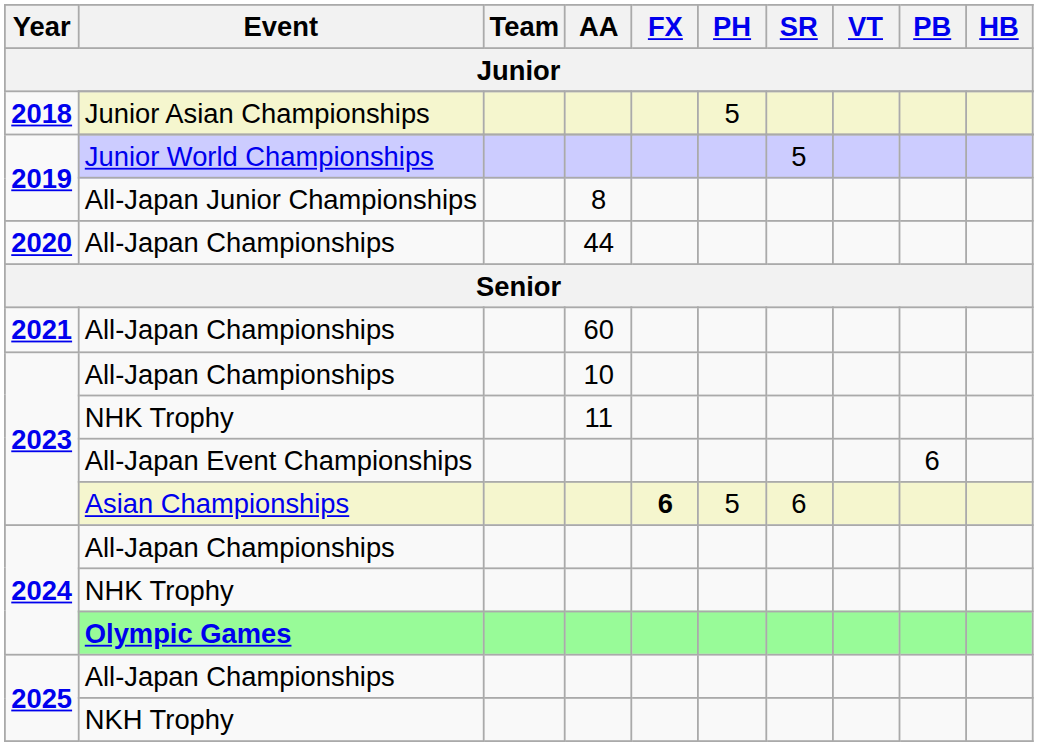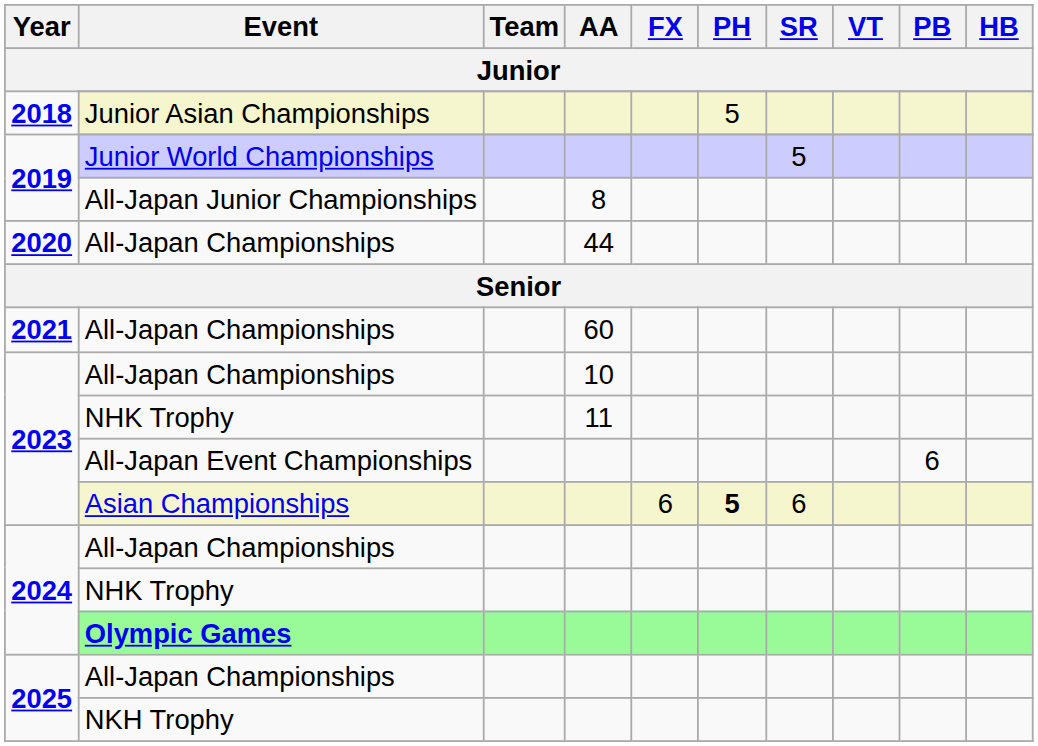 <table class="wikitable" style="text-align:center; font-size:95%;">
 <tr>
 <th align=center>Year</th>
 <th align=center>Event</th>
 <th style="width:30px;">Team</th>
 <th style="width:30px;">AA</th>
 <th style="width:30px;"><a href='#'>FX</a></th>
 <th style="width:30px;"><a href='#'>PH</a></th>
 <th style="width:30px;"><a href='#'>SR</a></th>
 <th style="width:30px;"><a href='#'>VT</a></th>
 <th style="width:30px;"><a href='#'>PB</a></th>
 <th style="width:30px;"><a href='#'>HB</a></th>
 </tr>
 <tr>
 <th colspan="10"><strong>Junior</strong></th>
 </tr>
 <tr>
 <td rowspan="2"><strong><a href='#'>2018</a></strong></td>
 </tr>
 <tr bgcolor=#F5F6CE>
 <td align=left>Junior Asian Championships</td>
 <td></td>
 <td></td>
 <td></td>
 <td>5</td>
 <td></td>
 <td></td>
 <td></td>
 <td></td>
 </tr>
 <tr>
 <td rowspan="3"><strong><a href='#'>2019</a></strong></td>
 </tr>
 <tr bgcolor=#CCCCFF>
 <td align=left><a href='#'>Junior World Championships</a></td>
 <td></td>
 <td></td>
 <td></td>
 <td></td>
 <td>5</td>
 <td></td>
 <td></td>
 <td></td>
 </tr>
 <tr>
 <td align=left>All-Japan Junior Championships</td>
 <td></td>
 <td>8</td>
 <td></td>
 <td></td>
 <td></td>
 <td></td>
 <td></td>
 <td></td>
 </tr>
 <tr>
 <td rowspan="1"><strong><a href='#'>2020</a></strong></td>
 <td align=left>All-Japan Championships</td>
 <td></td>
 <td>44</td>
 <td></td>
 <td></td>
 <td></td>
 <td></td>
 <td></td>
 <td></td>
 </tr>
 <tr>
 <th colspan="10"><strong>Senior</strong></th>
 </tr>
 <tr>
 <td rowspan="1"><strong><a href='#'>2021</a></strong></td>
 <td align=left>All-Japan Championships</td>
 <td></td>
 <td>60</td>
 <td></td>
 <td></td>
 <td></td>
 <td></td>
 <td></td>
 <td></td>
 </tr>
 <tr>
 <td rowspan="4"><strong><a href='#'>2023</a></strong></td>
 <td align=left>All-Japan Championships</td>
 <td></td>
 <td>10</td>
 <td></td>
 <td></td>
 <td></td>
 <td></td>
 <td></td>
 <td></td>
 </tr>
 <tr>
 <td align=left>NHK Trophy</td>
 <td></td>
 <td>11</td>
 <td></td>
 <td></td>
 <td></td>
 <td></td>
 <td></td>
 <td></td>
 </tr>
 <tr>
 <td align=left>All-Japan Event Championships</td>
 <td></td>
 <td></td>
 <td></td>
 <td></td>
 <td></td>
 <td></td>
 <td>6</td>
 <td></td>
 </tr>
 <tr bgcolor=#F5F6CE>
 <td align=left><a href='#'>Asian Championships</a></td>
 <td></td>
 <td></td>
-<td><strong>6</strong></td>
-<td>5</td>
+<td>6</td>
+<td><strong>5</strong></td>
 <td>6</td>
 <td></td>
 <td></td>
 <td></td>
 </tr>
 <tr>
 <td rowspan="3"><strong><a href='#'>2024</a></strong></td>
 <td align=left>All-Japan Championships</td>
 <td></td>
 <td></td>
 <td></td>
 <td></td>
 <td></td>
 <td></td>
 <td></td>
 <td></td>
 </tr>
 <tr>
 <td align=left>NHK Trophy</td>
 <td></td>
 <td></td>
 <td></td>
 <td></td>
 <td></td>
 <td></td>
 <td></td>
 <td></td>
 </tr>
 <tr bgcolor=98FB98>
 <td align=left><strong><a href='#'>Olympic Games</a></strong></td>
 <td></td>
 <td></td>
 <td></td>
 <td></td>
 <td></td>
 <td></td>
 <td></td>
 <td></td>
 </tr>
 <tr>
 <td rowspan="2"><strong><a href='#'>2025</a></strong></td>
 <td align=left>All-Japan Championships</td>
 <td></td>
 <td></td>
 <td></td>
 <td></td>
 <td></td>
 <td></td>
 <td></td>
 <td></td>
 </tr>
 <tr>
 <td align=left>NKH Trophy</td>
 <td></td>
 <td></td>
 <td></td>
 <td></td>
 <td></td>
 <td></td>
 <td></td>
 <td></td>
 </tr>
 </table>
